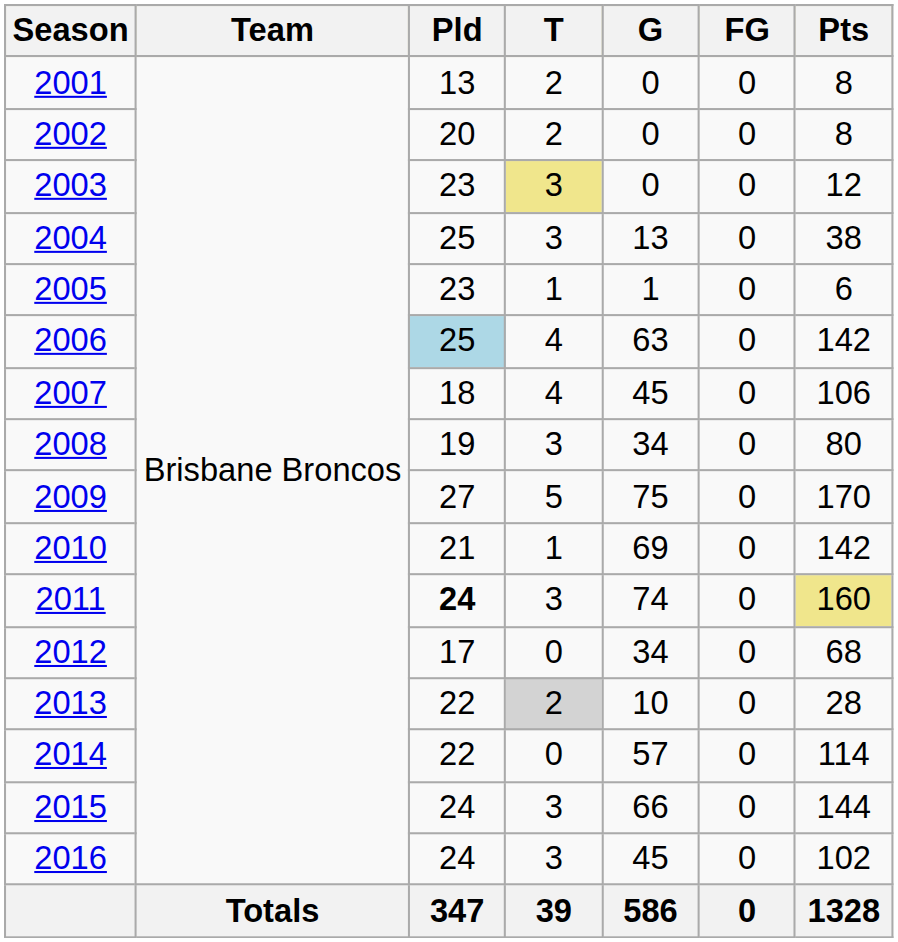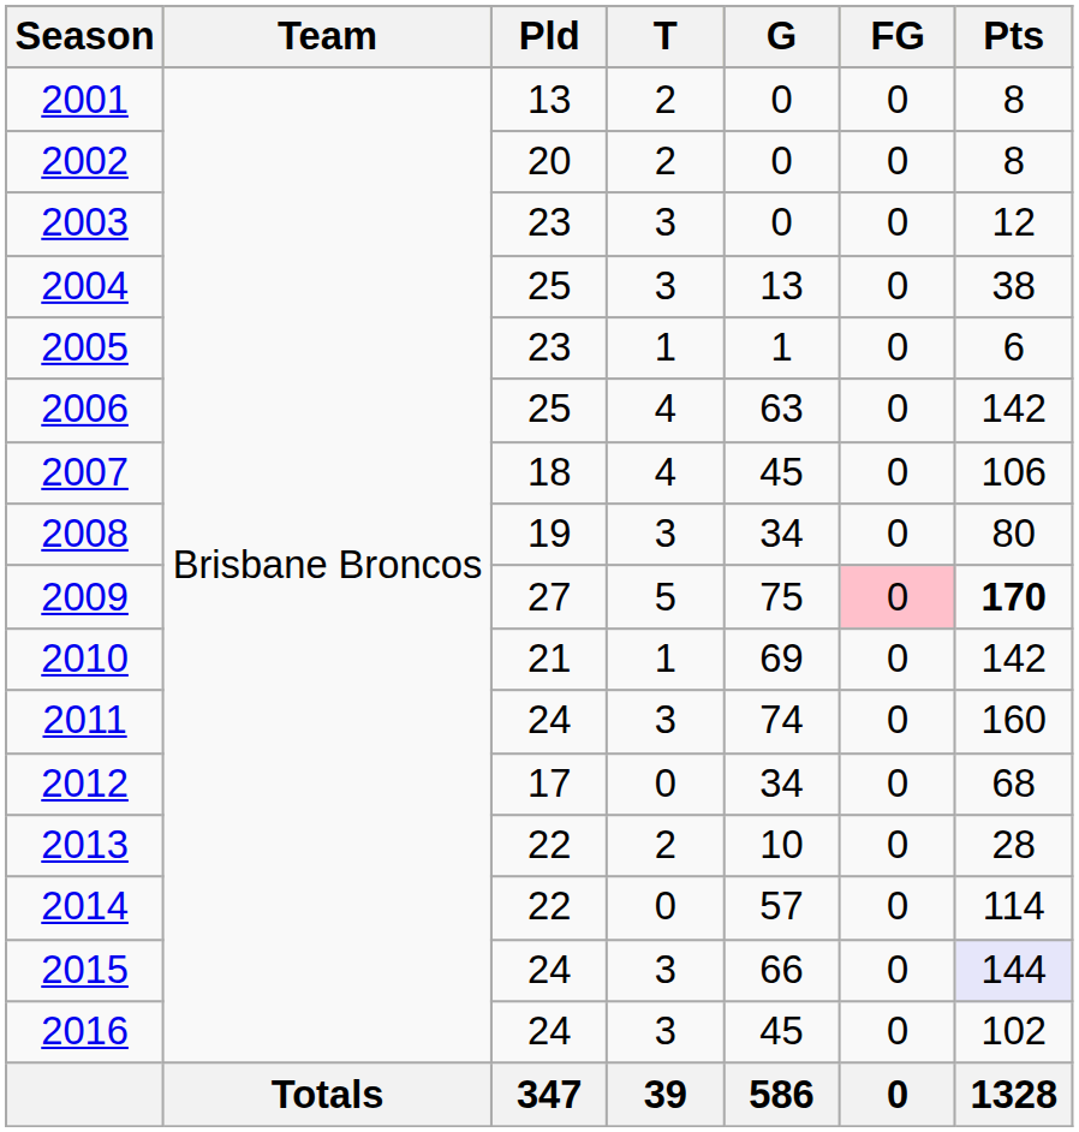 <table class="wikitable" style="border-collapse:collapse;text-align:center">
 <tr bgcolor=#bdb76b>
 <th>Season</th>
 <th>Team</th>
 <th width="40">Pld</th>
 <th width="40">T</th>
 <th width="40">G</th>
 <th width="40">FG</th>
 <th width="40">Pts</th>
 </tr>
 <tr>
 <td><a href='#'>2001</a></td>
 <td rowspan="16" align="left"> Brisbane Broncos</td>
 <td>13</td>
 <td>2</td>
 <td>0</td>
 <td>0</td>
 <td>8</td>
 </tr>
 <tr>
 <td><a href='#'>2002</a></td>
 <td>20</td>
 <td>2</td>
 <td>0</td>
 <td>0</td>
 <td>8</td>
 </tr>
 <tr>
 <td><a href='#'>2003</a></td>
 <td>23</td>
-<td style="background: khaki;">3</td>
+<td>3</td>
 <td>0</td>
 <td>0</td>
 <td>12</td>
 </tr>
 <tr>
 <td><a href='#'>2004</a></td>
 <td>25</td>
 <td>3</td>
 <td>13</td>
 <td>0</td>
 <td>38</td>
 </tr>
 <tr>
 <td><a href='#'>2005</a></td>
 <td>23</td>
 <td>1</td>
 <td>1</td>
 <td>0</td>
 <td>6</td>
 </tr>
 <tr>
 <td><a href='#'>2006</a></td>
-<td style="background: lightblue;">25</td>
+<td>25</td>
 <td>4</td>
 <td>63</td>
 <td>0</td>
 <td>142</td>
 </tr>
 <tr>
 <td><a href='#'>2007</a></td>
 <td>18</td>
 <td>4</td>
 <td>45</td>
 <td>0</td>
 <td>106</td>
 </tr>
 <tr>
 <td><a href='#'>2008</a></td>
 <td>19</td>
 <td>3</td>
 <td>34</td>
 <td>0</td>
 <td>80</td>
 </tr>
 <tr>
 <td><a href='#'>2009</a></td>
 <td>27</td>
 <td>5</td>
 <td>75</td>
-<td>0</td>
-<td>170</td>
+<td style="background: pink;">0</td>
+<td><strong>170</strong></td>
 </tr>
 <tr>
 <td><a href='#'>2010</a></td>
 <td>21</td>
 <td>1</td>
 <td>69</td>
 <td>0</td>
 <td>142</td>
 </tr>
 <tr>
 <td><a href='#'>2011</a></td>
-<td><strong>24</strong></td>
+<td>24</td>
 <td>3</td>
 <td>74</td>
 <td>0</td>
-<td style="background: khaki;">160</td>
+<td>160</td>
 </tr>
 <tr>
 <td><a href='#'>2012</a></td>
 <td>17</td>
 <td>0</td>
 <td>34</td>
 <td>0</td>
 <td>68</td>
 </tr>
 <tr>
 <td><a href='#'>2013</a></td>
 <td>22</td>
-<td style="background: lightgrey;">2</td>
+<td>2</td>
 <td>10</td>
 <td>0</td>
 <td>28</td>
 </tr>
 <tr>
 <td><a href='#'>2014</a></td>
 <td>22</td>
 <td>0</td>
 <td>57</td>
 <td>0</td>
 <td>114</td>
 </tr>
 <tr>
 <td><a href='#'>2015</a></td>
 <td>24</td>
 <td>3</td>
 <td>66</td>
 <td>0</td>
-<td>144</td>
+<td style="background: lavender;">144</td>
 </tr>
 <tr>
 <td><a href='#'>2016</a></td>
 <td>24</td>
 <td>3</td>
 <td>45</td>
 <td>0</td>
 <td>102</td>
 </tr>
 <tr>
 <th></th>
 <th>Totals</th>
 <th>347</th>
 <th>39</th>
 <th>586</th>
 <th>0</th>
 <th>1328</th>
 </tr>
 </table>
